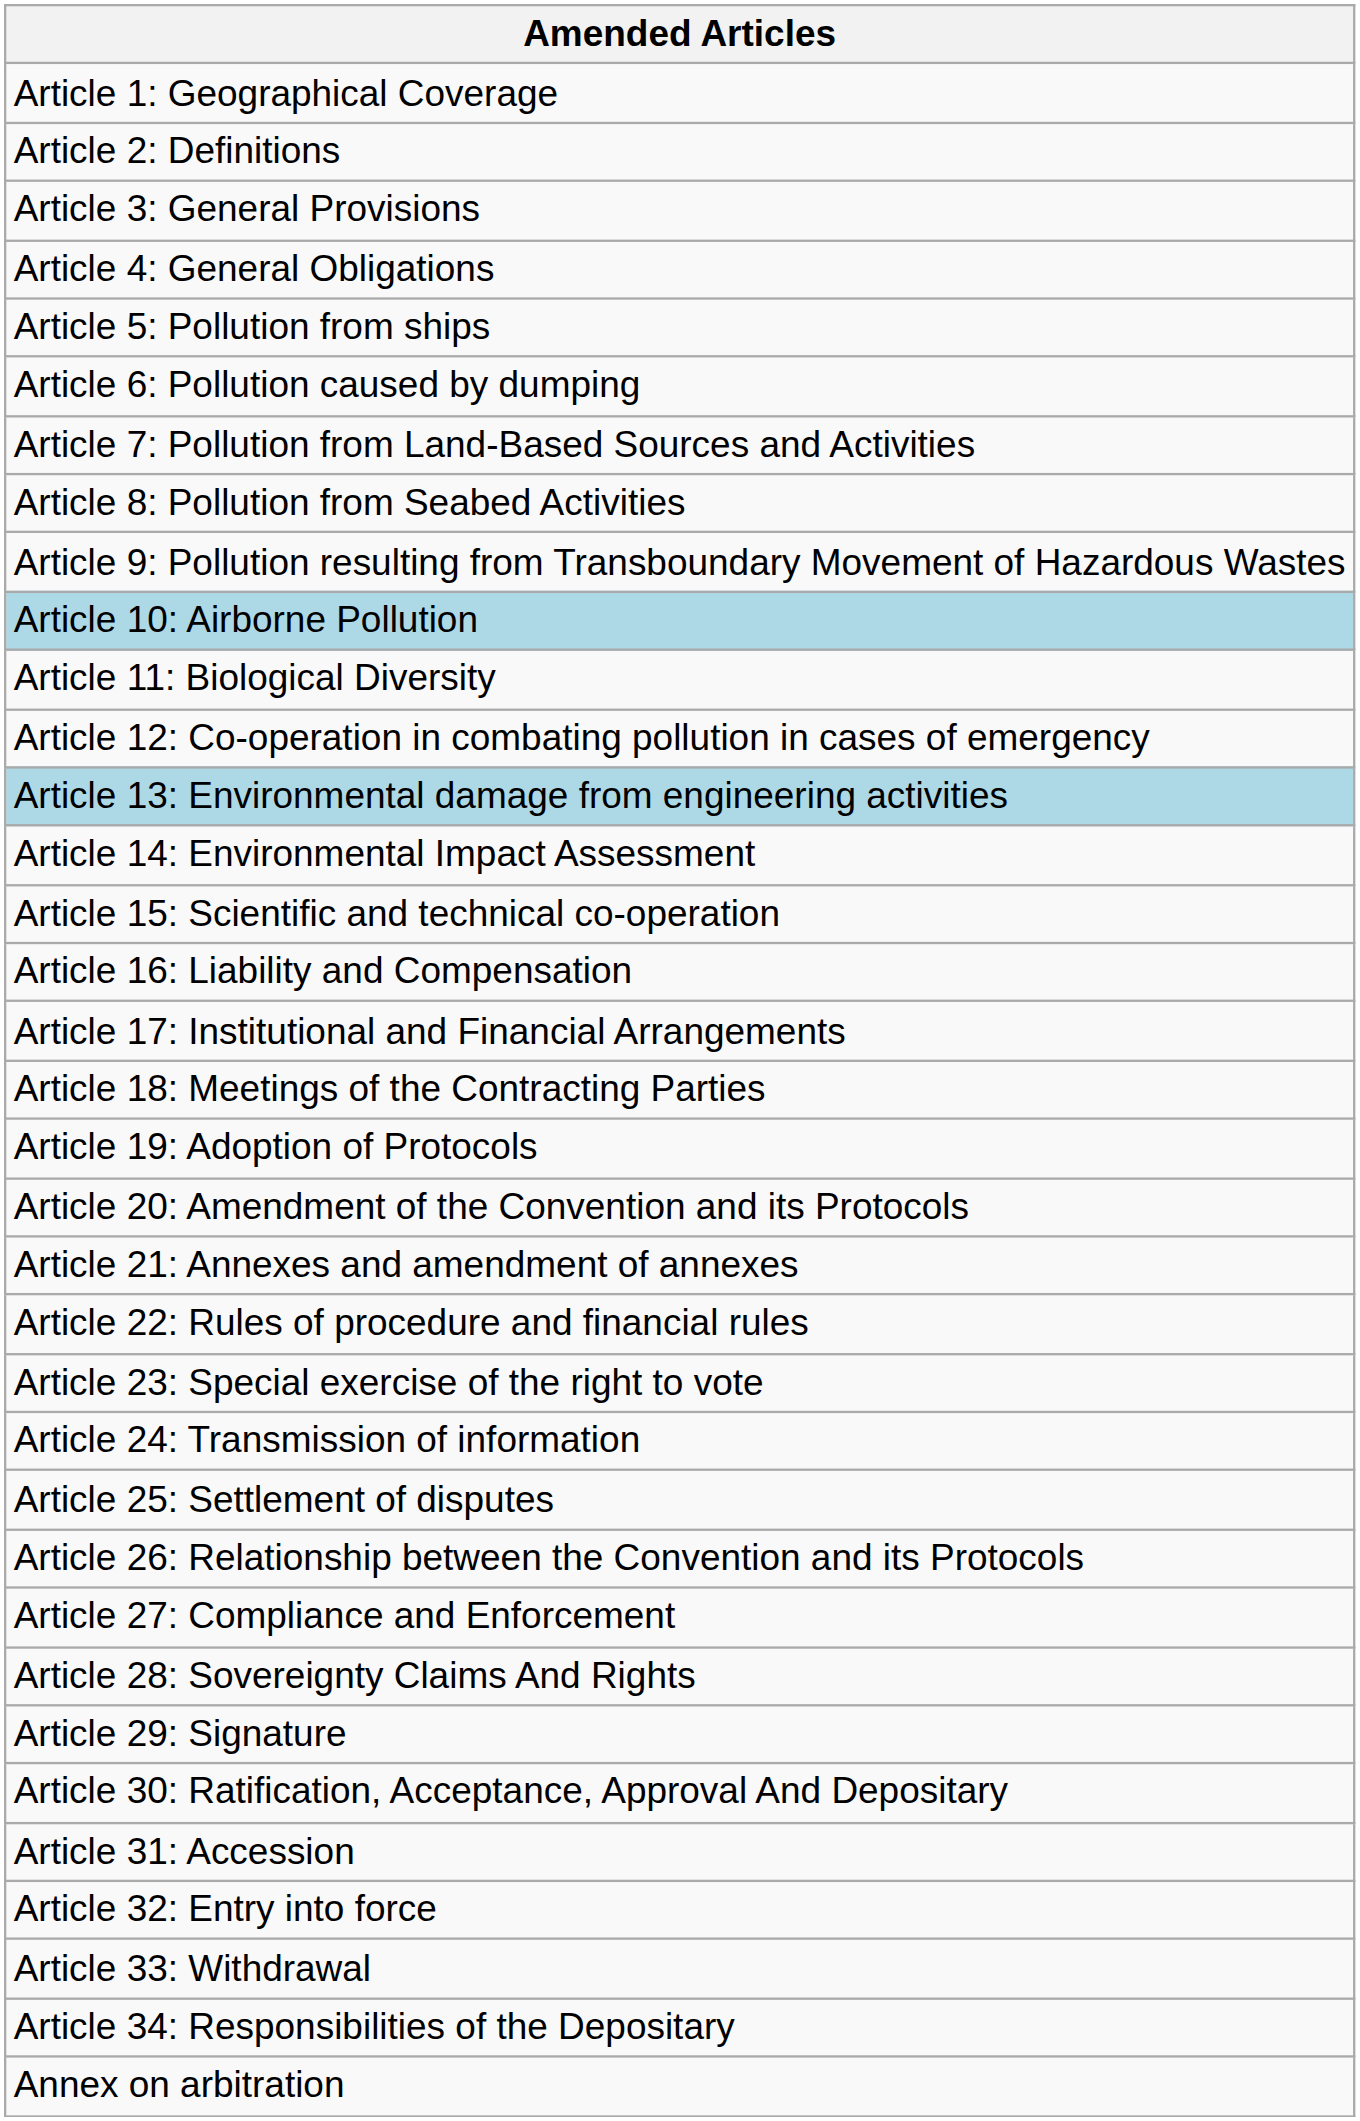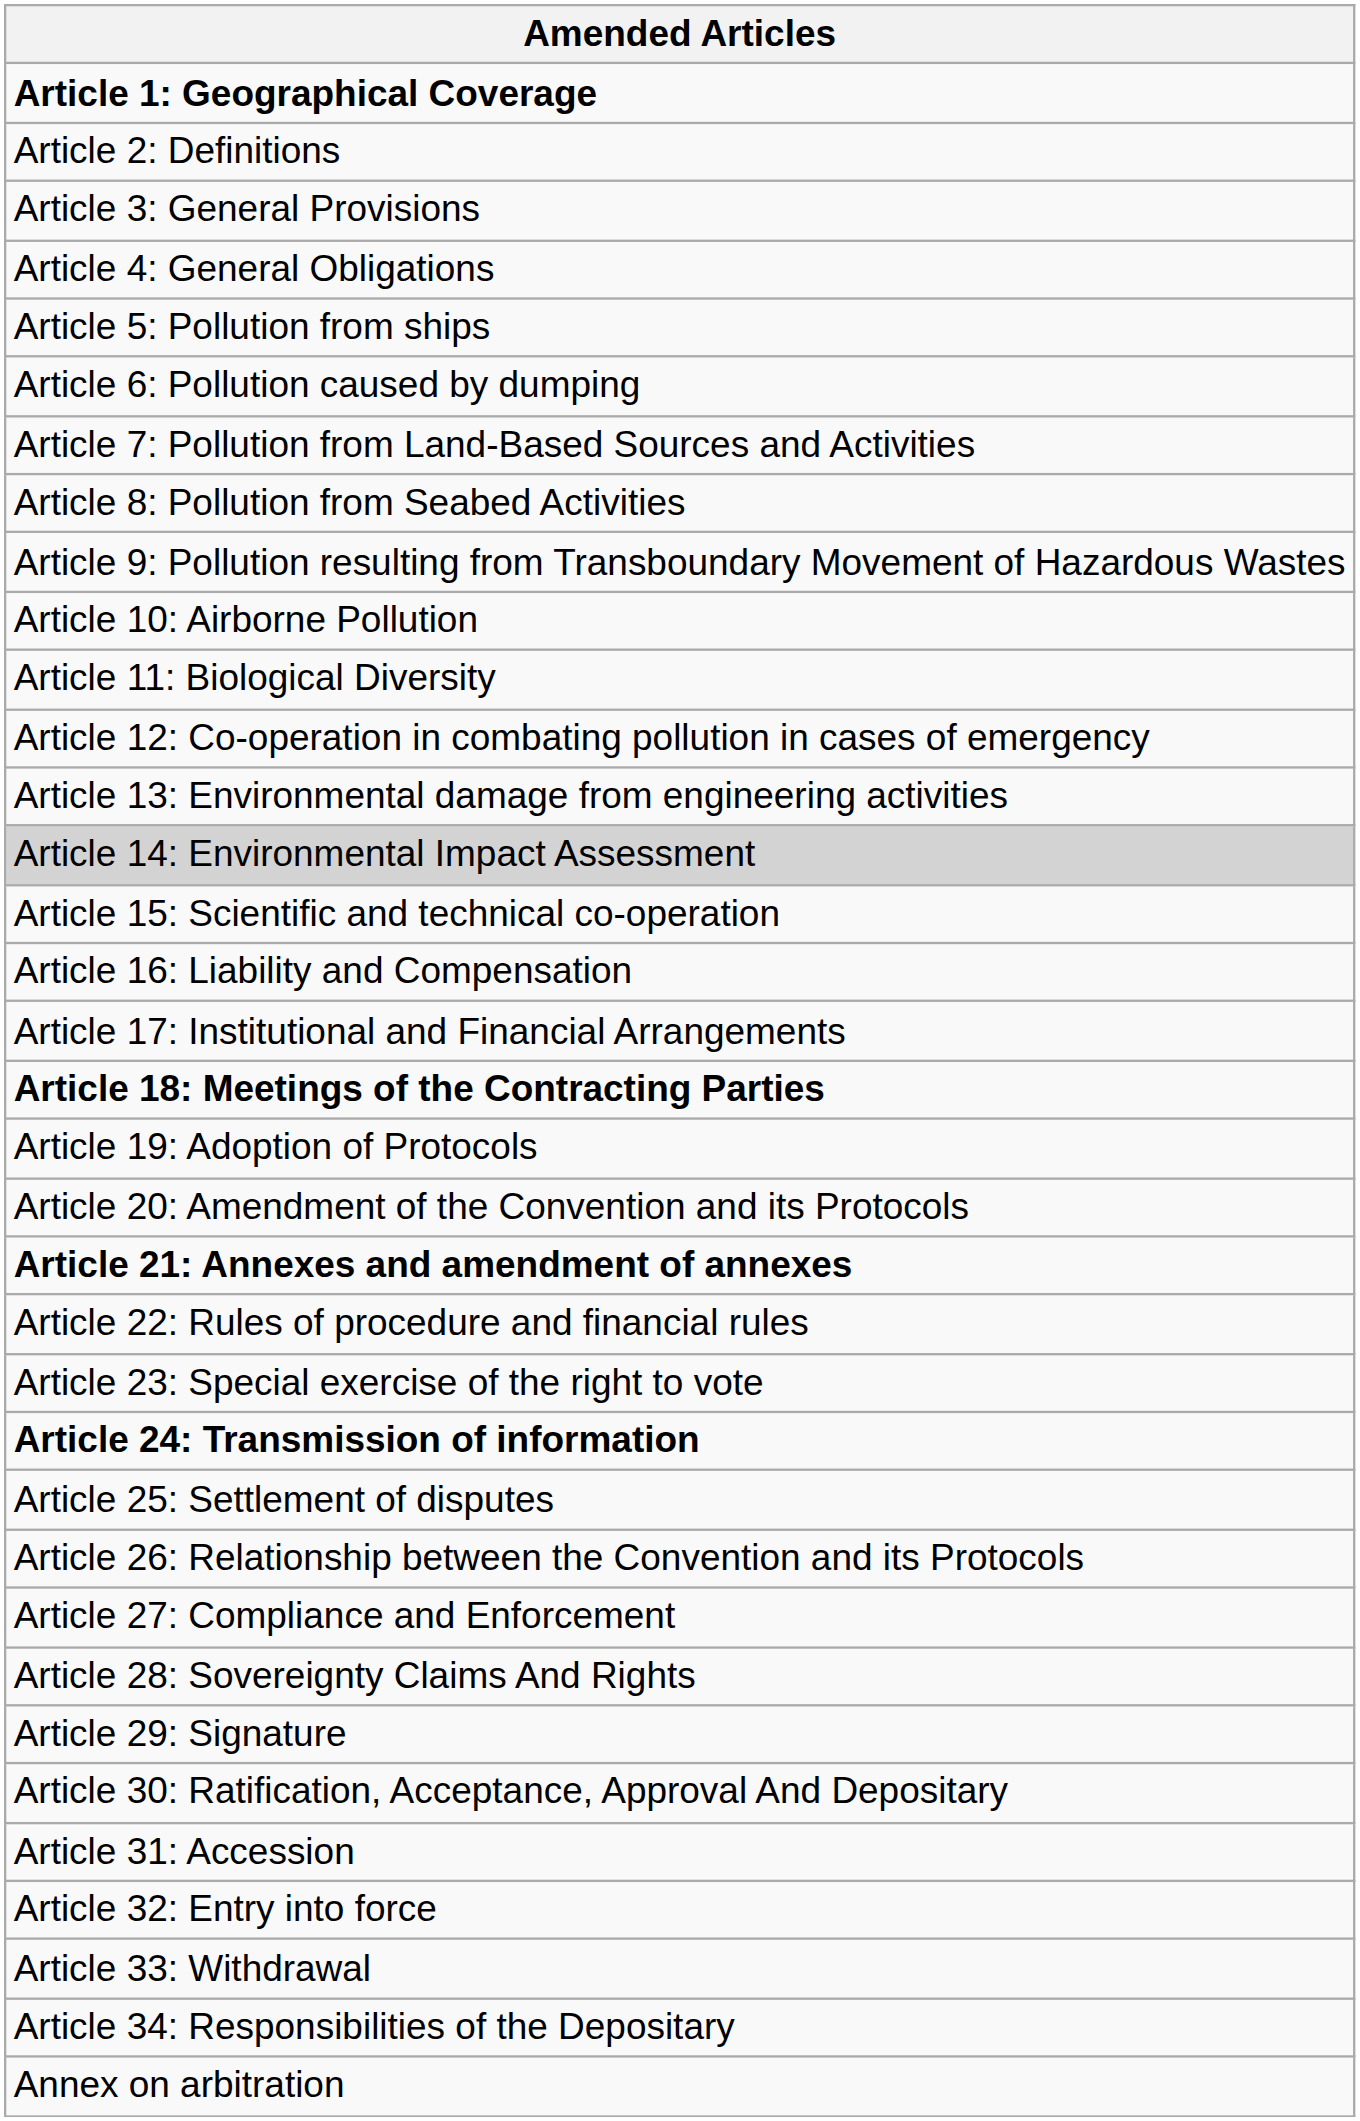 <table class="wikitable mw-collapsible mw-collapsed">
 <tr>
 <th>Amended Articles</th>
 </tr>
 <tr>
-<td>Article 1: Geographical Coverage</td>
+<td><strong>Article 1: Geographical Coverage</strong></td>
 </tr>
 <tr>
 <td>Article 2: Definitions</td>
 </tr>
 <tr>
 <td>Article 3: General Provisions</td>
 </tr>
 <tr>
 <td>Article 4: General Obligations</td>
 </tr>
 <tr>
 <td>Article 5: Pollution from ships</td>
 </tr>
 <tr>
 <td>Article 6: Pollution caused by dumping</td>
 </tr>
 <tr>
 <td>Article 7: Pollution from Land-Based Sources and Activities</td>
 </tr>
 <tr>
 <td>Article 8: Pollution from Seabed Activities</td>
 </tr>
 <tr>
 <td>Article 9: Pollution resulting from Transboundary Movement of Hazardous Wastes</td>
 </tr>
 <tr>
-<td style="background: lightblue;">Article 10: Airborne Pollution</td>
+<td>Article 10: Airborne Pollution</td>
 </tr>
 <tr>
 <td>Article 11: Biological Diversity</td>
 </tr>
 <tr>
 <td>Article 12: Co-operation in combating pollution in cases of emergency</td>
 </tr>
 <tr>
-<td style="background: lightblue;">Article 13: Environmental damage from engineering activities</td>
+<td>Article 13: Environmental damage from engineering activities</td>
 </tr>
 <tr>
-<td>Article 14: Environmental Impact Assessment</td>
+<td style="background: lightgrey;">Article 14: Environmental Impact Assessment</td>
 </tr>
 <tr>
 <td>Article 15: Scientific and technical co-operation</td>
 </tr>
 <tr>
 <td>Article 16: Liability and Compensation</td>
 </tr>
 <tr>
 <td>Article 17: Institutional and Financial Arrangements</td>
 </tr>
 <tr>
-<td>Article 18: Meetings of the Contracting Parties</td>
+<td><strong>Article 18: Meetings of the Contracting Parties</strong></td>
 </tr>
 <tr>
 <td>Article 19: Adoption of Protocols</td>
 </tr>
 <tr>
 <td>Article 20: Amendment of the Convention and its Protocols</td>
 </tr>
 <tr>
-<td>Article 21: Annexes and amendment of annexes</td>
+<td><strong>Article 21: Annexes and amendment of annexes</strong></td>
 </tr>
 <tr>
 <td>Article 22: Rules of procedure and financial rules</td>
 </tr>
 <tr>
 <td>Article 23: Special exercise of the right to vote</td>
 </tr>
 <tr>
-<td>Article 24: Transmission of information</td>
+<td><strong>Article 24: Transmission of information</strong></td>
 </tr>
 <tr>
 <td>Article 25: Settlement of disputes</td>
 </tr>
 <tr>
 <td>Article 26: Relationship between the Convention and its Protocols</td>
 </tr>
 <tr>
 <td>Article 27: Compliance and Enforcement</td>
 </tr>
 <tr>
 <td>Article 28: Sovereignty Claims And Rights</td>
 </tr>
 <tr>
 <td>Article 29: Signature</td>
 </tr>
 <tr>
 <td>Article 30: Ratification, Acceptance, Approval And Depositary</td>
 </tr>
 <tr>
 <td>Article 31: Accession</td>
 </tr>
 <tr>
 <td>Article 32: Entry into force</td>
 </tr>
 <tr>
 <td>Article 33: Withdrawal</td>
 </tr>
 <tr>
 <td>Article 34: Responsibilities of the Depositary</td>
 </tr>
 <tr>
 <td>Annex on arbitration</td>
 </tr>
 </table>
